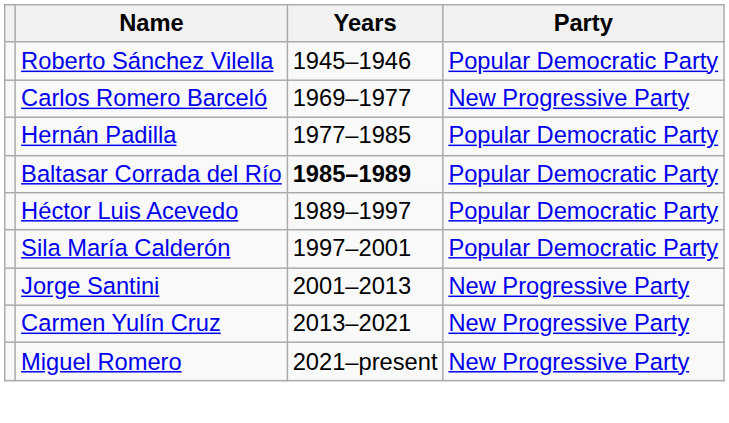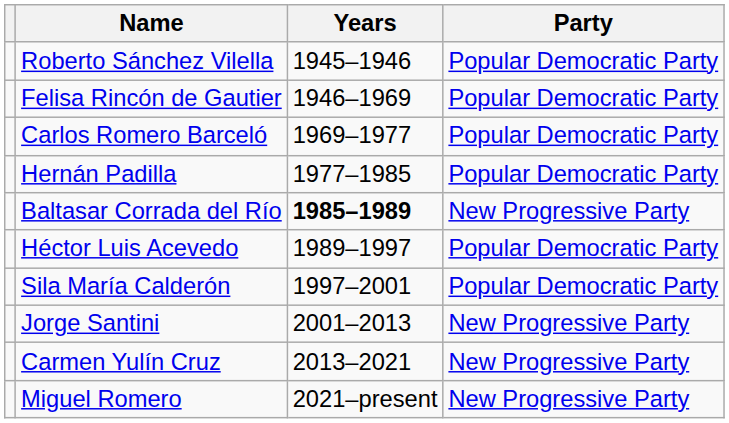 <table class="wikitable">
 <tr>
 <th></th>
 <th>Name</th>
 <th>Years</th>
 <th>Party</th>
 </tr>
 <tr>
 <td !rowspan=4 style="background-color:"></td>
 <td><a href='#'>Roberto Sánchez Vilella</a></td>
 <td>1945–1946</td>
 <td><a href='#'>Popular Democratic Party</a></td>
 </tr>
 <tr>
 <td !rowspan=4 style="background-color:"></td>
+<td><a href='#'>Felisa Rincón de Gautier</a></td>
+<td>1946–1969</td>
+<td><a href='#'>Popular Democratic Party</a></td>
+</tr>
+<tr>
+<td !rowspan=4 style="background-color:"></td>
 <td><a href='#'>Carlos Romero Barceló</a></td>
 <td>1969–1977</td>
-<td><a href='#'>New Progressive Party</a></td>
+<td><a href='#'>Popular Democratic Party</a></td>
 </tr>
 <tr>
 <td !rowspan=4 style="background-color:"></td>
 <td><a href='#'>Hernán Padilla</a></td>
 <td>1977–1985</td>
 <td><a href='#'>Popular Democratic Party</a></td>
 </tr>
 <tr>
 <td !rowspan=4 style="background-color:"></td>
 <td><a href='#'>Baltasar Corrada del Río</a></td>
 <td><strong>1985–1989</strong></td>
-<td><a href='#'>Popular Democratic Party</a></td>
+<td><a href='#'>New Progressive Party</a></td>
 </tr>
 <tr>
 <td !rowspan=4 style="background-color:"></td>
 <td><a href='#'>Héctor Luis Acevedo</a></td>
 <td>1989–1997</td>
 <td><a href='#'>Popular Democratic Party</a></td>
 </tr>
 <tr>
 <td !rowspan=4 style="background-color:"></td>
 <td><a href='#'>Sila María Calderón</a></td>
 <td>1997–2001</td>
 <td><a href='#'>Popular Democratic Party</a></td>
 </tr>
 <tr>
 <td !rowspan=4 style="background-color:"></td>
 <td><a href='#'>Jorge Santini</a></td>
 <td>2001–2013</td>
 <td><a href='#'>New Progressive Party</a></td>
 </tr>
 <tr>
 <td !rowspan=4 style="background-color:"></td>
 <td><a href='#'>Carmen Yulín Cruz</a></td>
 <td>2013–2021</td>
 <td><a href='#'>New Progressive Party</a></td>
 </tr>
 <tr>
 <td !rowspan=4 style="background-color:"></td>
 <td><a href='#'>Miguel Romero</a></td>
 <td>2021–present</td>
 <td><a href='#'>New Progressive Party</a></td>
 </tr>
 </table>
